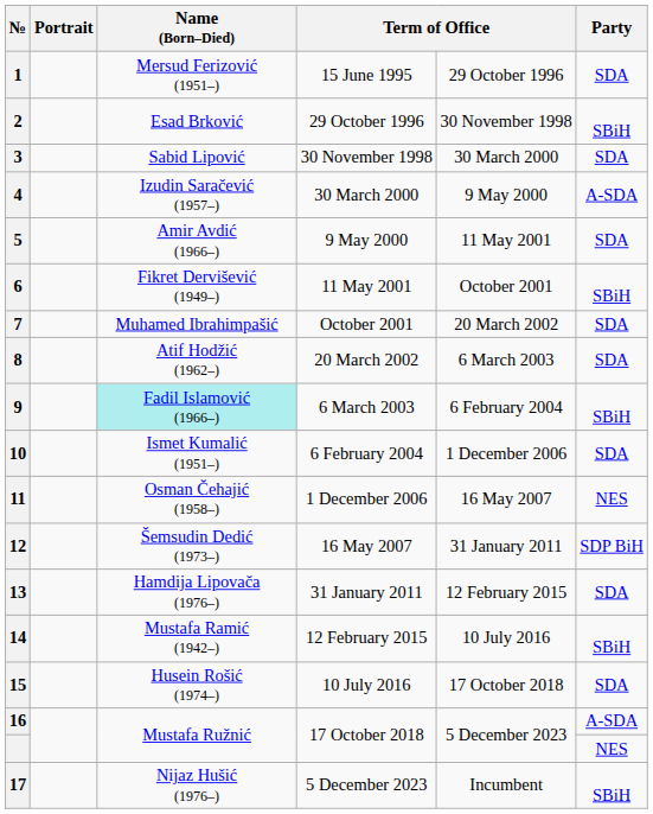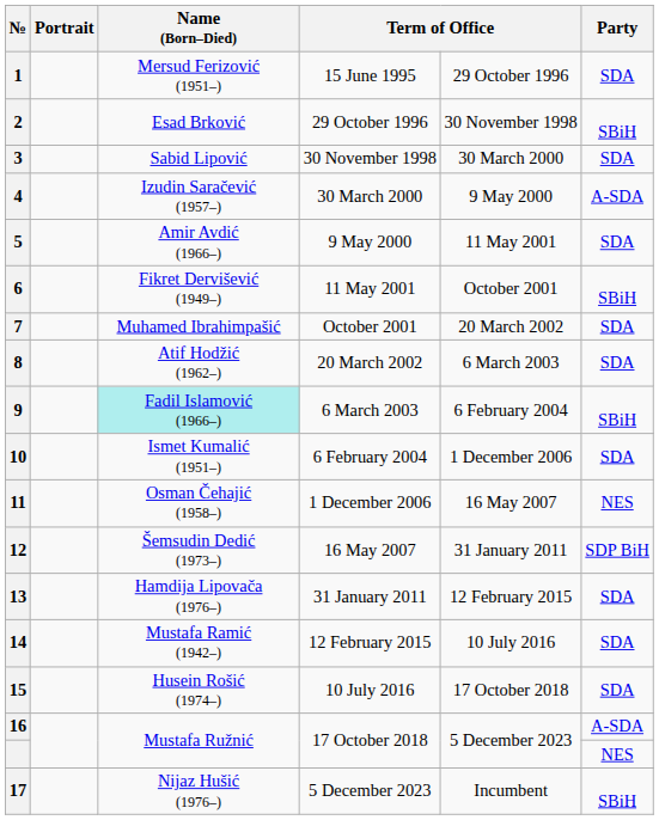 <table class="wikitable" style="text-align:center">
 <tr ->
 <th>№</th>
 <th>Portrait</th>
 <th width=180>Name<br><small>(Born–Died)</small></th>
 <th colspan=2>Term of Office</th>
 <th>Party</th>
 </tr>
 <tr ->
 <th style="background:">1</th>
 <td></td>
 <td><a href='#'>Mersud Ferizović</a><br><small>(1951–)</small></td>
 <td>15 June 1995</td>
 <td>29 October 1996</td>
 <td><a href='#'>SDA</a></td>
 </tr>
 <tr ->
 <th style="background:">2</th>
 <td></td>
 <td><a href='#'>Esad Brković</a></td>
 <td>29 October 1996</td>
 <td>30 November 1998</td>
 <td><br><a href='#'>SBiH</a></td>
 </tr>
 <tr ->
 <th style="background:">3</th>
 <td></td>
 <td><a href='#'>Sabid Lipović</a></td>
 <td>30 November 1998</td>
 <td>30 March 2000</td>
 <td><a href='#'>SDA</a></td>
 </tr>
 <tr ->
 <th style="background:">4</th>
 <td></td>
 <td><a href='#'>Izudin Saračević</a><br><small>(1957–)</small></td>
 <td>30 March 2000</td>
 <td>9 May 2000</td>
 <td><a href='#'>A-SDA</a><br></td>
 </tr>
 <tr ->
 <th style="background:">5</th>
 <td></td>
 <td><a href='#'>Amir Avdić</a><br><small>(1966–)</small></td>
 <td>9 May 2000</td>
 <td>11 May 2001</td>
 <td><a href='#'>SDA</a></td>
 </tr>
 <tr ->
 <th ! style="background:">6</th>
 <td></td>
 <td><a href='#'>Fikret Dervišević</a><br><small>(1949–)</small></td>
 <td>11 May 2001</td>
 <td>October 2001</td>
 <td><br><a href='#'>SBiH</a></td>
 </tr>
 <tr ->
 <th style="background:">7</th>
 <td></td>
 <td><a href='#'>Muhamed Ibrahimpašić</a></td>
 <td>October 2001</td>
 <td>20 March 2002</td>
 <td><a href='#'>SDA</a></td>
 </tr>
 <tr ->
 <th style="background:">8</th>
 <td></td>
 <td><a href='#'>Atif Hodžić</a><br><small>(1962–)</small></td>
 <td>20 March 2002</td>
 <td>6 March 2003</td>
 <td><a href='#'>SDA</a></td>
 </tr>
 <tr ->
 <th style="background:">9</th>
 <td></td>
 <td style="background: paleturquoise;"><a href='#'>Fadil Islamović</a><br><small>(1966–)</small></td>
 <td>6 March 2003</td>
 <td>6 February 2004</td>
 <td><br><a href='#'>SBiH</a></td>
 </tr>
 <tr ->
 <th style="background:">10</th>
 <td></td>
 <td><a href='#'>Ismet Kumalić</a><br><small>(1951–)</small></td>
 <td>6 February 2004</td>
 <td>1 December 2006</td>
 <td><a href='#'>SDA</a></td>
 </tr>
 <tr ->
 <th style="background:">11</th>
 <td></td>
 <td><a href='#'>Osman Čehajić</a><br><small>(1958–)</small></td>
 <td>1 December 2006</td>
 <td>16 May 2007</td>
 <td><a href='#'>NES</a><br></td>
 </tr>
 <tr ->
 <th style="background:">12</th>
 <td></td>
 <td><a href='#'>Šemsudin Dedić</a><br><small>(1973–)</small></td>
 <td>16 May 2007</td>
 <td>31 January 2011</td>
 <td><a href='#'>SDP BiH</a></td>
 </tr>
 <tr ->
 <th style="background:">13</th>
 <td></td>
 <td><a href='#'>Hamdija Lipovača</a><br><small>(1976–)</small></td>
 <td>31 January 2011</td>
 <td>12 February 2015</td>
 <td><a href='#'>SDA</a></td>
 </tr>
 <tr ->
 <th style="background:">14</th>
 <td></td>
 <td><a href='#'>Mustafa Ramić</a><br><small>(1942–)</small></td>
 <td>12 February 2015</td>
 <td>10 July 2016</td>
-<td><br><a href='#'>SBiH</a></td>
+<td><a href='#'>SDA</a></td>
 </tr>
 <tr ->
 <th style="background:">15</th>
 <td></td>
 <td><a href='#'>Husein Rošić</a><br><small>(1974–)</small></td>
 <td>10 July 2016</td>
 <td>17 October 2018</td>
 <td><a href='#'>SDA</a></td>
 </tr>
 <tr ->
 <th style="background:">16</th>
 <td rowspan="2"></td>
 <td rowspan="2"><a href='#'>Mustafa Ružnić</a><br></td>
 <td rowspan="2">17 October 2018</td>
 <td rowspan="2">5 December 2023</td>
 <td><a href='#'>A-SDA</a><br></td>
 </tr>
 <tr ->
 <th style="background:"></th>
 <td><a href='#'>NES</a><br></td>
 </tr>
 <tr ->
 <th style="background:">17</th>
 <td></td>
 <td><a href='#'>Nijaz Hušić</a><br><small>(1976–)</small></td>
 <td>5 December 2023</td>
 <td>Incumbent</td>
 <td><br><a href='#'>SBiH</a></td>
 </tr>
 </table>
